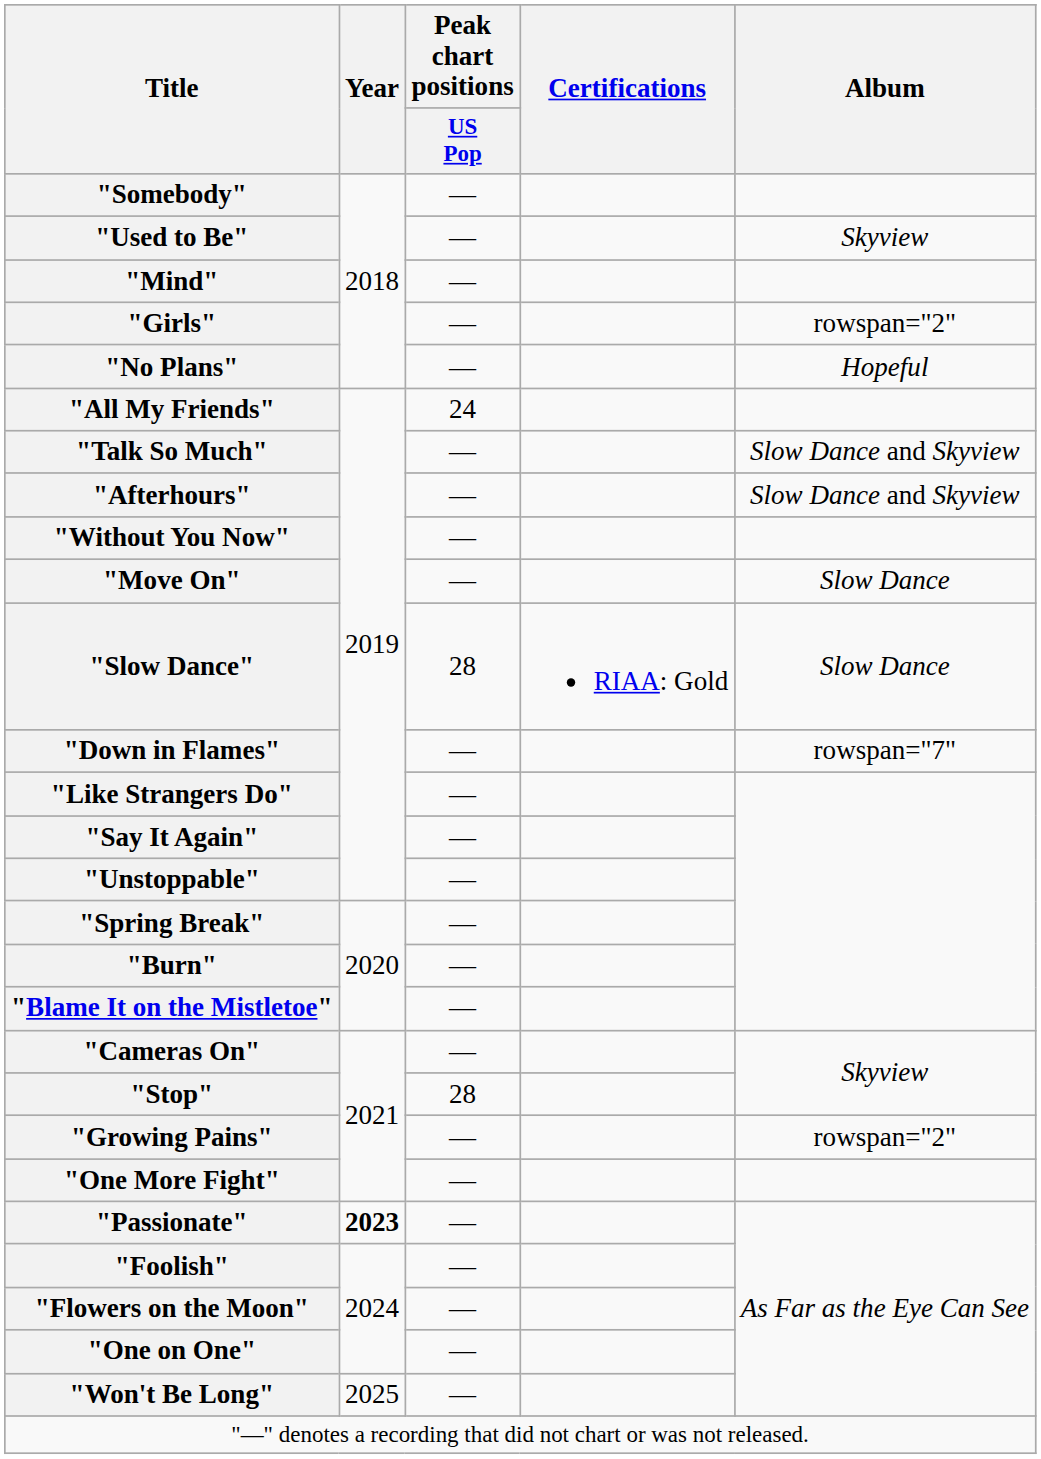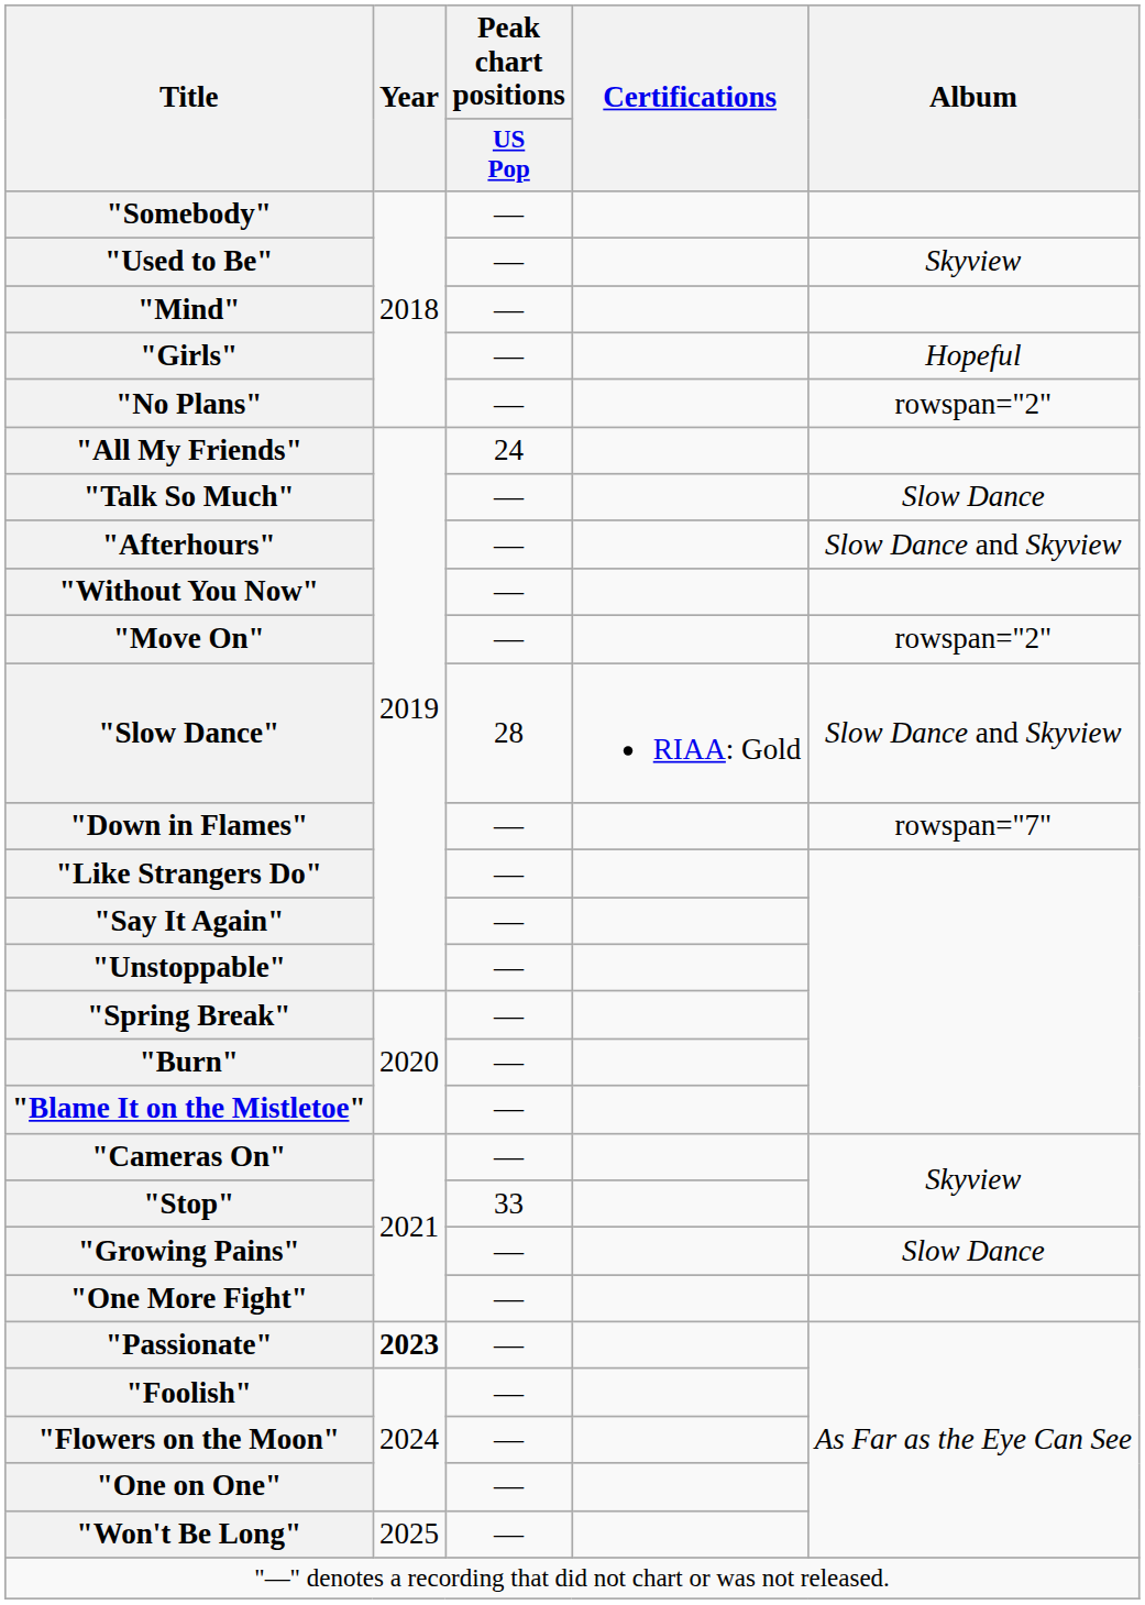 <table class="wikitable plainrowheaders" style="text-align:center">
 <tr>
 <th scope="col" rowspan="2">Title</th>
 <th scope="col" rowspan="2">Year</th>
 <th scope="col">Peak chart positions</th>
 <th scope="col" rowspan="2"><a href='#'>Certifications</a></th>
 <th scope="col" rowspan="2">Album</th>
 </tr>
 <tr>
 <th scope="col" style="width:3em;font-size:85%;"><a href='#'>US<br>Pop</a><br></th>
 </tr>
 <tr>
 <th scope="row">"Somebody"</th>
 <td rowspan="5">2018</td>
 <td>—</td>
 <td></td>
 <td></td>
 </tr>
 <tr>
 <th scope="row">"Used to Be"</th>
 <td>—</td>
 <td></td>
 <td><em>Skyview</em></td>
 </tr>
 <tr>
 <th scope="row">"Mind"</th>
 <td>—</td>
 <td></td>
 <td></td>
 </tr>
 <tr>
 <th scope="row">"Girls"</th>
 <td>—</td>
 <td></td>
-<td>rowspan="2" </td>
+<td><em>Hopeful</em></td>
 </tr>
 <tr>
 <th scope="row">"No Plans"<br></th>
 <td>—</td>
 <td></td>
-<td><em>Hopeful</em></td>
+<td>rowspan="2" </td>
 </tr>
 <tr>
 <th scope="row">"All My Friends"</th>
 <td rowspan="10">2019</td>
 <td>24</td>
 <td></td>
 </tr>
 <tr>
 <th scope="row">"Talk So Much"</th>
 <td>—</td>
 <td></td>
-<td><em>Slow Dance</em> and <em>Skyview</em></td>
+<td><em>Slow Dance</em></td>
 </tr>
 <tr>
 <th scope="row">"Afterhours"<br></th>
 <td>—</td>
 <td></td>
 <td><em>Slow Dance</em> and <em>Skyview</em></td>
 </tr>
 <tr>
 <th scope="row">"Without You Now"<br></th>
 <td>—</td>
 <td></td>
 </tr>
 <tr>
 <th scope="row">"Move On"</th>
 <td>—</td>
 <td></td>
-<td><em>Slow Dance</em></td>
+<td>rowspan="2" </td>
 </tr>
 <tr>
 <th scope="row">"Slow Dance"<br></th>
 <td>28</td>
 <td><br><ul><li><a href='#'>RIAA</a>: Gold</li></ul></td>
-<td><em>Slow Dance</em></td>
+<td><em>Slow Dance</em> and <em>Skyview</em></td>
 </tr>
 <tr>
 <th scope="row">"Down in Flames"</th>
 <td>—</td>
 <td></td>
 <td>rowspan="7" </td>
 </tr>
 <tr>
 <th scope="row">"Like Strangers Do"</th>
 <td>—</td>
 <td></td>
 </tr>
 <tr>
 <th scope="row">"Say It Again"</th>
 <td>—</td>
 <td></td>
 </tr>
 <tr>
 <th scope="row">"Unstoppable"</th>
 <td>—</td>
 <td></td>
 </tr>
 <tr>
 <th scope="row">"Spring Break"<br></th>
 <td rowspan="3">2020</td>
 <td>—</td>
 <td></td>
 </tr>
 <tr>
 <th scope="row">"Burn"</th>
 <td>—</td>
 <td></td>
 </tr>
 <tr>
 <th scope="row">"<a href='#'>Blame It on the Mistletoe</a>"<br></th>
 <td>—</td>
 <td></td>
 </tr>
 <tr>
 <th scope="row">"Cameras On"</th>
 <td rowspan="4">2021</td>
 <td>—</td>
 <td></td>
 <td rowspan="2"><em>Skyview</em></td>
 </tr>
 <tr>
 <th scope="row">"Stop"</th>
-<td>28</td>
+<td>33</td>
 <td></td>
 </tr>
 <tr>
 <th scope="row">"Growing Pains"</th>
 <td>—</td>
 <td></td>
-<td>rowspan="2" </td>
+<td><em>Slow Dance</em></td>
 </tr>
 <tr>
 <th scope="row">"One More Fight"</th>
 <td>—</td>
 <td></td>
 </tr>
 <tr>
 <th scope="row">"Passionate"</th>
 <td><strong>2023</strong></td>
 <td>—</td>
 <td></td>
 <td rowspan="5"><em>As Far as the Eye Can See</em></td>
 </tr>
 <tr>
 <th scope="row">"Foolish"</th>
 <td rowspan="3">2024</td>
 <td>—</td>
 <td></td>
 </tr>
 <tr>
 <th scope="row">"Flowers on the Moon"</th>
 <td>—</td>
 <td></td>
 </tr>
 <tr>
 <th scope="row">"One on One"</th>
 <td>—</td>
 <td></td>
 </tr>
 <tr>
 <th scope="row">"Won't Be Long"</th>
 <td>2025</td>
 <td>—</td>
 <td></td>
 </tr>
 <tr>
 <td colspan="5" style="font-size:85%">"—" denotes a recording that did not chart or was not released.</td>
 </tr>
 </table>
